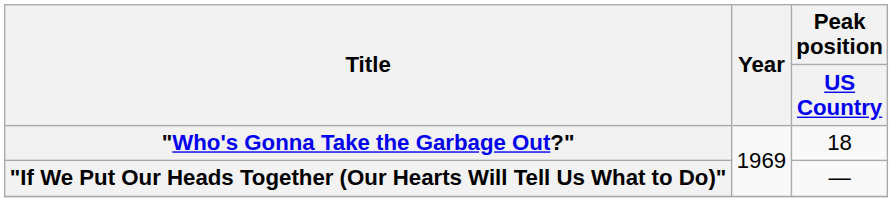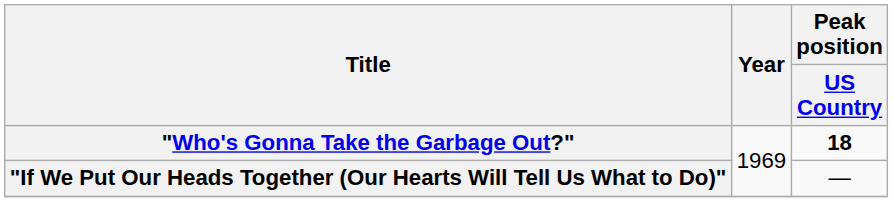 <table class="wikitable plainrowheaders" style="text-align:center;">
 <tr>
 <th scope="col" rowspan = "2">Title</th>
 <th scope="col" rowspan = "2">Year</th>
 <th scope="col" colspan="1">Peak<br>position</th>
 </tr>
 <tr>
 <th><a href='#'>US<br>Country</a><br></th>
 </tr>
 <tr>
 <th scope = "row">"<a href='#'>Who's Gonna Take the Garbage Out</a>?"</th>
 <td rowspan = "2">1969</td>
-<td>18</td>
+<td><strong>18</strong></td>
 </tr>
 <tr>
 <th scope = "row">"If We Put Our Heads Together (Our Hearts Will Tell Us What to Do)"</th>
 <td>—</td>
 </tr>
 <tr>
 </tr>
 </table>
